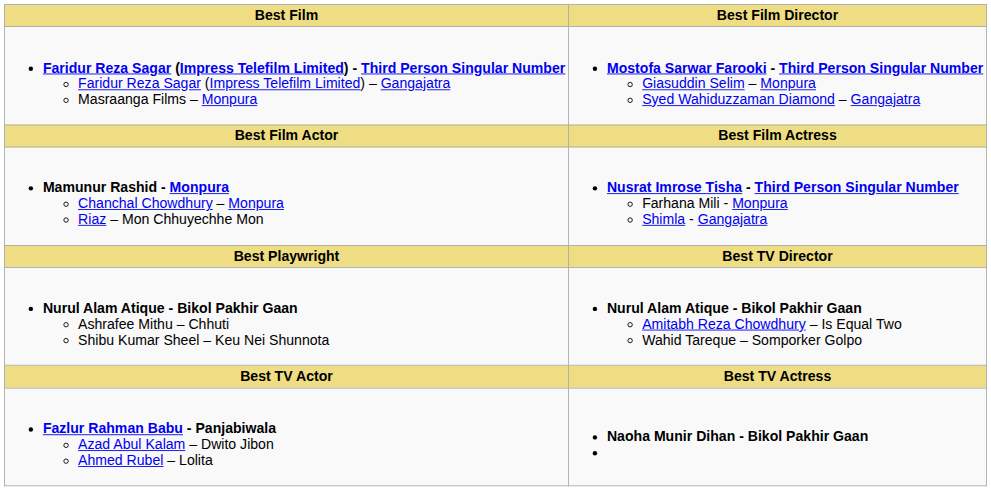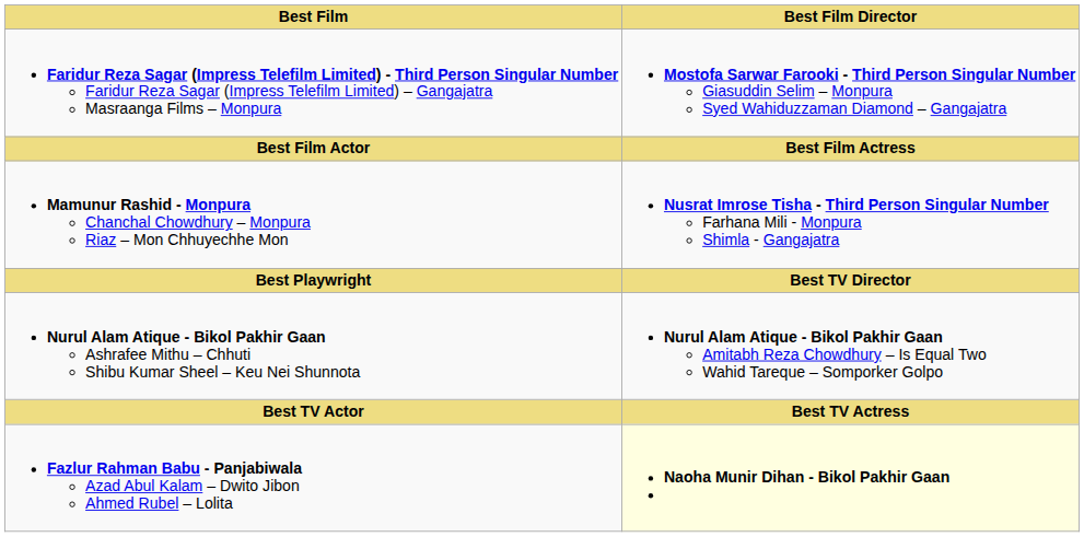 <table class="wikitable">
 <tr>
 <th style="background:#EEDD82;">Best Film</th>
 <th style="background:#EEDD82;">Best Film Director</th>
 </tr>
 <tr>
 <td valign="top"><br><ul><li><strong><a href='#'>Faridur Reza Sagar</a> (<a href='#'>Impress Telefilm Limited</a>) - <a href='#'>Third Person Singular Number</a></strong><ul><li><a href='#'>Faridur Reza Sagar</a> (<a href='#'>Impress Telefilm Limited</a>) – <a href='#'>Gangajatra</a></li><li>Masraanga Films – <a href='#'>Monpura</a></li></ul></li></ul></td>
 <td valign="top"><br><ul><li><strong><a href='#'>Mostofa Sarwar Farooki</a> - <a href='#'>Third Person Singular Number</a></strong><ul><li><a href='#'>Giasuddin Selim</a> – <a href='#'>Monpura</a></li><li><a href='#'>Syed Wahiduzzaman Diamond</a> – <a href='#'>Gangajatra</a></li></ul></li></ul></td>
 </tr>
 <tr>
 <th style="background:#EEDD82;">Best Film Actor</th>
 <th style="background:#EEDD82;">Best Film Actress</th>
 </tr>
 <tr>
 <td><br><ul><li><strong>Mamunur Rashid - <a href='#'>Monpura</a></strong><ul><li><a href='#'>Chanchal Chowdhury</a> – <a href='#'>Monpura</a></li><li><a href='#'>Riaz</a> – Mon Chhuyechhe Mon</li></ul></li></ul></td>
 <td><br><ul><li><strong><a href='#'>Nusrat Imrose Tisha</a> - <a href='#'>Third Person Singular Number</a></strong><ul><li>Farhana Mili - <a href='#'>Monpura</a></li><li><a href='#'>Shimla</a> - <a href='#'>Gangajatra</a></li></ul></li></ul></td>
 </tr>
 <tr>
 <th style="background:#EEDD82;">Best Playwright</th>
 <th style="background:#EEDD82;">Best TV Director</th>
 </tr>
 <tr>
 <td><br><ul><li><strong>Nurul Alam Atique - Bikol Pakhir Gaan</strong><ul><li>Ashrafee Mithu – Chhuti</li><li>Shibu Kumar Sheel – Keu Nei Shunnota</li></ul></li></ul></td>
 <td><br><ul><li><strong>Nurul Alam Atique - Bikol Pakhir Gaan</strong><ul><li><a href='#'>Amitabh Reza Chowdhury</a> – Is Equal Two</li><li>Wahid Tareque – Somporker Golpo</li></ul></li></ul></td>
 </tr>
 <tr>
 <th style="background:#EEDD82;">Best TV Actor</th>
 <th style="background:#EEDD82;">Best TV Actress</th>
 </tr>
 <tr>
 <td><br><ul><li><strong><a href='#'>Fazlur Rahman Babu</a> - Panjabiwala</strong><ul><li><a href='#'>Azad Abul Kalam</a> – Dwito Jibon</li><li><a href='#'>Ahmed Rubel</a> – Lolita</li></ul></li></ul></td>
-<td><br><ul><li><strong>Naoha Munir Dihan - Bikol Pakhir Gaan</strong></li><li></li></ul></td>
+<td style="background: lightyellow;"><br><ul><li><strong>Naoha Munir Dihan - Bikol Pakhir Gaan</strong></li><li></li></ul></td>
 </tr>
 </table>
